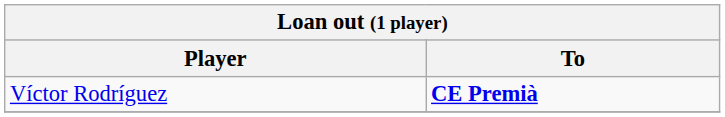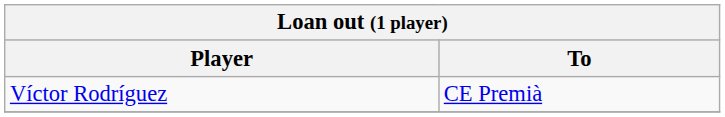 <table class="wikitable collapsible collapsed">
 <tr>
 <th colspan="2" width="500"> <strong>Loan out</strong> <small>(1 player)</small></th>
 </tr>
 <tr>
 <th>Player</th>
 <th>To</th>
 </tr>
 <tr>
 <td> <a href='#'>Víctor Rodríguez</a></td>
-<td><strong> <a href='#'>CE Premià</a></strong></td>
+<td> <a href='#'>CE Premià</a></td>
 </tr>
 <tr>
 </tr>
 </table>
